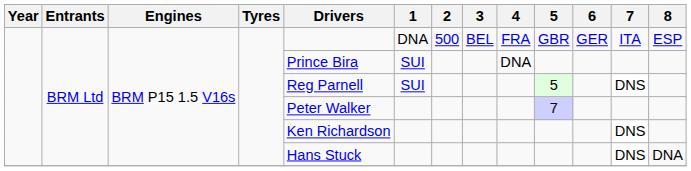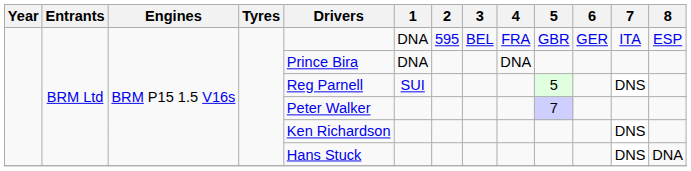 <table class="wikitable" style="text-align:center; font-size:95%">
 <tr>
 <th>Year</th>
 <th>Entrants</th>
 <th>Engines</th>
 <th>Tyres</th>
 <th>Drivers</th>
 <th>1</th>
 <th>2</th>
 <th>3</th>
 <th>4</th>
 <th>5</th>
 <th>6</th>
 <th>7</th>
 <th>8</th>
 </tr>
 <tr>
 <td rowspan="6"></td>
 <td rowspan="6"><a href='#'>BRM Ltd</a></td>
 <td rowspan="6"><a href='#'>BRM</a> P15 1.5 <a href='#'>V16</a><a href='#'>s</a></td>
 <td rowspan="6"></td>
 <td></td>
 <td>DNA</td>
-<td><a href='#'>500</a></td>
+<td><a href='#'>595</a></td>
 <td><a href='#'>BEL</a></td>
 <td><a href='#'>FRA</a></td>
 <td><a href='#'>GBR</a></td>
 <td><a href='#'>GER</a></td>
 <td><a href='#'>ITA</a></td>
 <td><a href='#'>ESP</a></td>
 </tr>
 <tr>
 <td align="left"><a href='#'>Prince Bira</a></td>
-<td><a href='#'>SUI</a></td>
+<td>DNA</td>
 <td></td>
 <td></td>
 <td>DNA</td>
 <td></td>
 <td></td>
 <td></td>
 <td></td>
 </tr>
 <tr>
 <td align="left"><a href='#'>Reg Parnell</a></td>
 <td><a href='#'>SUI</a></td>
 <td></td>
 <td></td>
 <td></td>
 <td style="background:#DFFFDF;">5</td>
 <td></td>
 <td style="background:#ffffff;">DNS</td>
 <td></td>
 </tr>
 <tr>
 <td align="left"><a href='#'>Peter Walker</a></td>
 <td></td>
 <td></td>
 <td></td>
 <td></td>
 <td style="background:#CFCFFF;">7</td>
 <td></td>
 <td></td>
 <td></td>
 </tr>
 <tr>
 <td align="left"><a href='#'>Ken Richardson</a></td>
 <td></td>
 <td></td>
 <td></td>
 <td></td>
 <td></td>
 <td></td>
 <td style="background:#ffffff;">DNS</td>
 <td></td>
 </tr>
 <tr>
 <td align="left"><a href='#'>Hans Stuck</a></td>
 <td></td>
 <td></td>
 <td></td>
 <td></td>
 <td></td>
 <td></td>
 <td style="background:#ffffff;">DNS</td>
 <td>DNA</td>
 </tr>
 <tr>
 </tr>
 </table>
